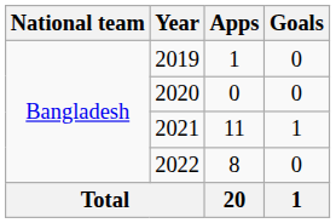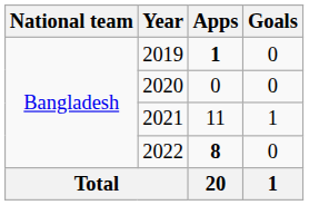 <table class="wikitable" style="text-align:center">
 <tr>
 <th>National team</th>
 <th>Year</th>
 <th>Apps</th>
 <th>Goals</th>
 </tr>
 <tr>
 <td rowspan="4"><a href='#'>Bangladesh</a></td>
 <td>2019</td>
-<td>1</td>
+<td><strong>1</strong></td>
 <td>0</td>
 </tr>
 <tr>
 <td>2020</td>
 <td>0</td>
 <td>0</td>
 </tr>
 <tr>
 <td>2021</td>
 <td>11</td>
 <td>1</td>
 </tr>
 <tr>
 <td>2022</td>
-<td>8</td>
+<td><strong>8</strong></td>
 <td>0</td>
 </tr>
 <tr>
 <th colspan=2>Total</th>
 <th>20</th>
 <th>1</th>
 </tr>
 </table>
